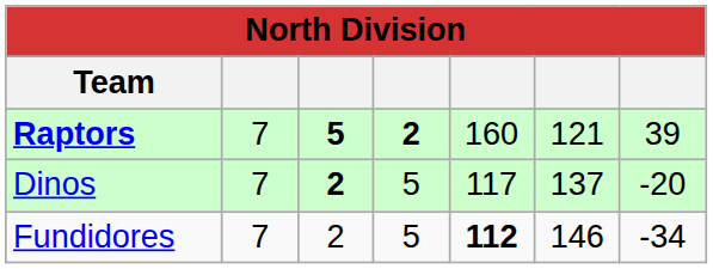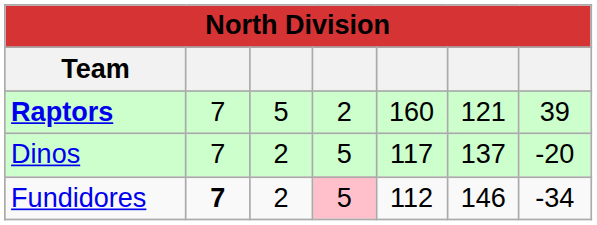 <table class="wikitable">
 <tr>
 <th colspan="11" style="background-color: #d63334;"><span>North Division</span></th>
 </tr>
 <tr>
 <th width=100>Team</th>
 <th width=30></th>
 <th width=30></th>
 <th width=30></th>
 <th width=35></th>
 <th width=35></th>
 <th width=35></th>
 </tr>
 <tr style="text-align:center;background:#ccffcc;">
 <td style="text-align:left;"><strong><a href='#'>Raptors</a></strong></td>
 <td>7</td>
-<td><strong>5</strong></td>
-<td><strong>2</strong></td>
+<td>5</td>
+<td>2</td>
 <td>160</td>
 <td>121</td>
 <td>39</td>
 </tr>
 <tr style="text-align:center;background:#ccffcc;">
 <td style="text-align:left;"><a href='#'>Dinos</a></td>
 <td>7</td>
-<td><strong>2</strong></td>
+<td>2</td>
 <td>5</td>
 <td>117</td>
 <td>137</td>
 <td>-20</td>
 </tr>
 <tr style="text-align:center;">
 <td style="text-align:left;"><a href='#'>Fundidores</a></td>
-<td>7</td>
+<td><strong>7</strong></td>
 <td>2</td>
-<td>5</td>
-<td><strong>112</strong></td>
+<td style="background: pink;">5</td>
+<td>112</td>
 <td>146</td>
 <td>-34</td>
 </tr>
 </table>
